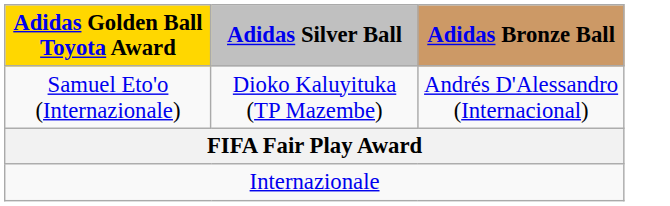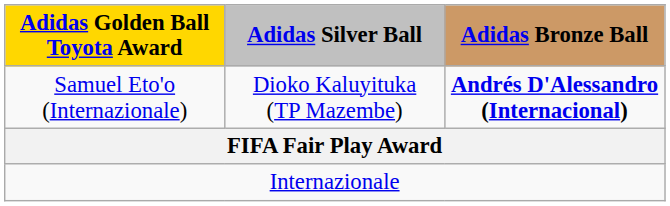 <table class="wikitable" style="text-align:center">
 <tr>
 <th style="background:gold; width:33%"><a href='#'>Adidas</a> Golden Ball<br><a href='#'>Toyota</a> Award</th>
 <th style="background:silver; width:33%"><a href='#'>Adidas</a> Silver Ball</th>
 <th style="background:#CC9966; width:33%"><a href='#'>Adidas</a> Bronze Ball</th>
 </tr>
 <tr>
 <td> <a href='#'>Samuel Eto'o</a><br>(<a href='#'>Internazionale</a>)</td>
 <td> <a href='#'>Dioko Kaluyituka</a><br>(<a href='#'>TP Mazembe</a>)</td>
-<td> <a href='#'>Andrés D'Alessandro</a><br>(<a href='#'>Internacional</a>)</td>
+<td><strong> <a href='#'>Andrés D'Alessandro</a><br>(<a href='#'>Internacional</a>)</strong></td>
 </tr>
 <tr>
 <th colspan="3">FIFA Fair Play Award</th>
 </tr>
 <tr>
 <td colspan="3"> <a href='#'>Internazionale</a></td>
 </tr>
 </table>
